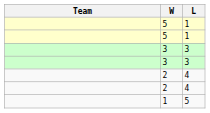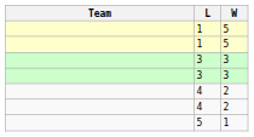 <table class="wikitable">
 <tr>
 <th width="250px">Team</th>
+<th width="30px">L</th>
 <th width="30px">W</th>
-<th width="30px">L</th>
 </tr>
 <tr bgcolor=#ffffcc>
 <td></td>
+<td>1</td>
 <td>5</td>
-<td>1</td>
 </tr>
 <tr bgcolor=#ffffcc>
 <td></td>
+<td>1</td>
 <td>5</td>
-<td>1</td>
 </tr>
 <tr bgcolor=#ccffcc>
 <td></td>
 <td>3</td>
 <td>3</td>
 </tr>
 <tr bgcolor=#ccffcc>
 <td></td>
 <td>3</td>
 <td>3</td>
 </tr>
 <tr>
 <td></td>
+<td>4</td>
 <td>2</td>
-<td>4</td>
 </tr>
 <tr>
 <td></td>
+<td>4</td>
 <td>2</td>
-<td>4</td>
 </tr>
 <tr>
 <td></td>
+<td>5</td>
 <td>1</td>
-<td>5</td>
 </tr>
 </table>
